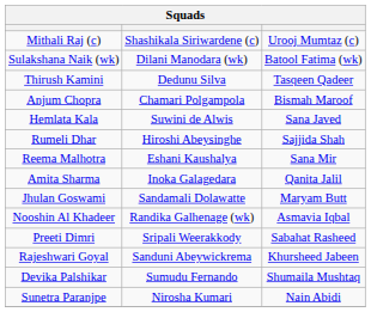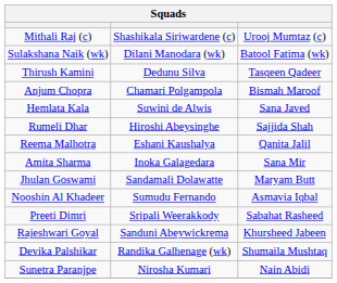 <table class="wikitable" style="text-align:center; width:auto; margin:auto">
 <tr>
 <th colspan=4>Squads</th>
 </tr>
 <tr>
 <th></th>
 <th></th>
 <th></th>
 </tr>
 <tr>
 <td><a href='#'>Mithali Raj</a> (<a href='#'>c</a>)</td>
 <td><a href='#'>Shashikala Siriwardene</a> (<a href='#'>c</a>)</td>
 <td><a href='#'>Urooj Mumtaz</a> (<a href='#'>c</a>)</td>
 </tr>
 <tr>
 <td><a href='#'>Sulakshana Naik</a> (<a href='#'>wk</a>)</td>
 <td><a href='#'>Dilani Manodara</a> (<a href='#'>wk</a>)</td>
 <td><a href='#'>Batool Fatima</a> (<a href='#'>wk</a>)</td>
 </tr>
 <tr>
 <td><a href='#'>Thirush Kamini</a></td>
 <td><a href='#'>Dedunu Silva</a></td>
 <td><a href='#'>Tasqeen Qadeer</a></td>
 </tr>
 <tr>
 <td><a href='#'>Anjum Chopra</a></td>
 <td><a href='#'>Chamari Polgampola</a></td>
 <td><a href='#'>Bismah Maroof</a></td>
 </tr>
 <tr>
 <td><a href='#'>Hemlata Kala</a></td>
 <td><a href='#'>Suwini de Alwis</a></td>
 <td><a href='#'>Sana Javed</a></td>
 </tr>
 <tr>
 <td><a href='#'>Rumeli Dhar</a></td>
 <td><a href='#'>Hiroshi Abeysinghe</a></td>
 <td><a href='#'>Sajjida Shah</a></td>
 </tr>
 <tr>
 <td><a href='#'>Reema Malhotra</a></td>
 <td><a href='#'>Eshani Kaushalya</a></td>
-<td><a href='#'>Sana Mir</a></td>
+<td><a href='#'>Qanita Jalil</a></td>
 </tr>
 <tr>
 <td><a href='#'>Amita Sharma</a></td>
 <td><a href='#'>Inoka Galagedara</a></td>
-<td><a href='#'>Qanita Jalil</a></td>
+<td><a href='#'>Sana Mir</a></td>
 </tr>
 <tr>
 <td><a href='#'>Jhulan Goswami</a></td>
 <td><a href='#'>Sandamali Dolawatte</a></td>
 <td><a href='#'>Maryam Butt</a></td>
 </tr>
 <tr>
 <td><a href='#'>Nooshin Al Khadeer</a></td>
-<td><a href='#'>Randika Galhenage</a> (<a href='#'>wk</a>)</td>
+<td><a href='#'>Sumudu Fernando</a></td>
 <td><a href='#'>Asmavia Iqbal</a></td>
 </tr>
 <tr>
 <td><a href='#'>Preeti Dimri</a></td>
 <td><a href='#'>Sripali Weerakkody</a></td>
 <td><a href='#'>Sabahat Rasheed</a></td>
 </tr>
 <tr>
 <td><a href='#'>Rajeshwari Goyal</a></td>
 <td><a href='#'>Sanduni Abeywickrema</a></td>
 <td><a href='#'>Khursheed Jabeen</a></td>
 </tr>
 <tr>
 <td><a href='#'>Devika Palshikar</a></td>
-<td><a href='#'>Sumudu Fernando</a></td>
+<td><a href='#'>Randika Galhenage</a> (<a href='#'>wk</a>)</td>
 <td><a href='#'>Shumaila Mushtaq</a></td>
 </tr>
 <tr>
 <td><a href='#'>Sunetra Paranjpe</a></td>
 <td><a href='#'>Nirosha Kumari</a></td>
 <td><a href='#'>Nain Abidi</a></td>
 </tr>
 <tr>
 </tr>
 </table>
